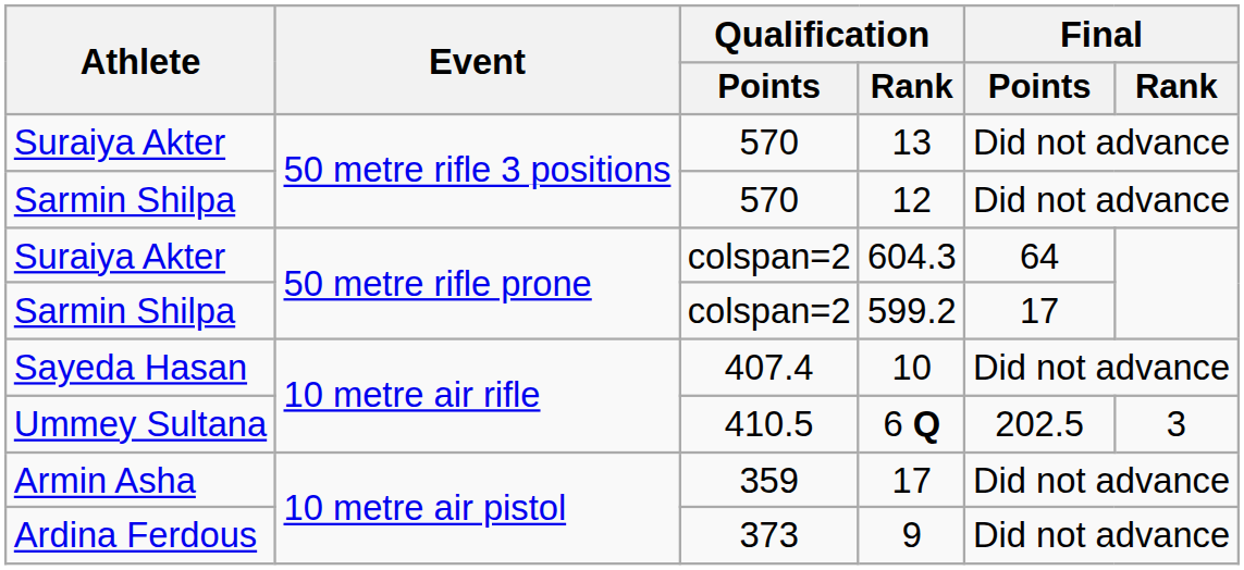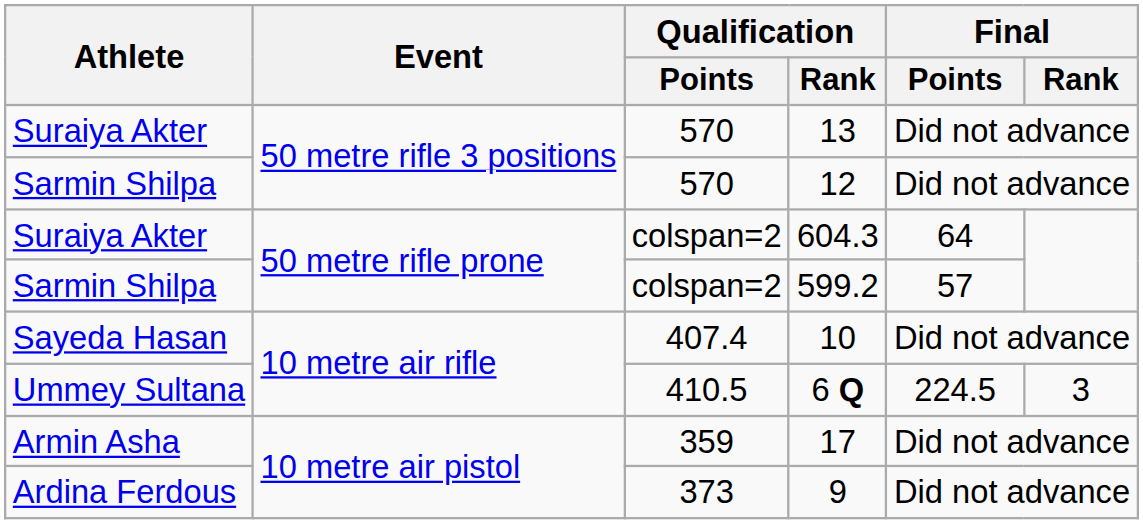 <table class="wikitable" style="font-size:90%">
 <tr>
 <th rowspan=2>Athlete</th>
 <th rowspan=2>Event</th>
 <th colspan=2>Qualification</th>
 <th colspan=2>Final</th>
 </tr>
 <tr style="font-size:95%">
 <th>Points</th>
 <th>Rank</th>
 <th>Points</th>
 <th>Rank</th>
 </tr>
 <tr align=center>
 <td align=left><a href='#'>Suraiya Akter</a></td>
 <td align=left rowspan=2><a href='#'>50 metre rifle 3 positions</a></td>
 <td>570</td>
 <td>13</td>
 <td colspan=2>Did not advance</td>
 </tr>
 <tr align=center>
 <td align=left><a href='#'>Sarmin Shilpa</a></td>
 <td>570</td>
 <td>12</td>
 <td colspan=2>Did not advance</td>
 </tr>
 <tr align=center>
 <td align=left><a href='#'>Suraiya Akter</a></td>
 <td align=left rowspan=2><a href='#'>50 metre rifle prone</a></td>
 <td>colspan=2 </td>
 <td>604.3</td>
 <td>64</td>
 </tr>
 <tr align=center>
 <td align=left><a href='#'>Sarmin Shilpa</a></td>
 <td>colspan=2 </td>
 <td>599.2</td>
-<td>17</td>
+<td>57</td>
 </tr>
 <tr align=center>
 <td align=left><a href='#'>Sayeda Hasan</a></td>
 <td align=left rowspan=2><a href='#'>10 metre air rifle</a></td>
 <td>407.4</td>
 <td>10</td>
 <td colspan=2>Did not advance</td>
 </tr>
 <tr align=center>
 <td align=left><a href='#'>Ummey Sultana</a></td>
 <td>410.5</td>
 <td>6 <strong>Q</strong></td>
-<td>202.5</td>
+<td>224.5</td>
 <td>3</td>
 </tr>
 <tr align=center>
 <td align=left><a href='#'>Armin Asha</a></td>
 <td align=left rowspan=2><a href='#'>10 metre air pistol</a></td>
 <td>359</td>
 <td>17</td>
 <td colspan=2>Did not advance</td>
 </tr>
 <tr align=center>
 <td align=left><a href='#'>Ardina Ferdous</a></td>
 <td>373</td>
 <td>9</td>
 <td colspan=2>Did not advance</td>
 </tr>
 </table>
